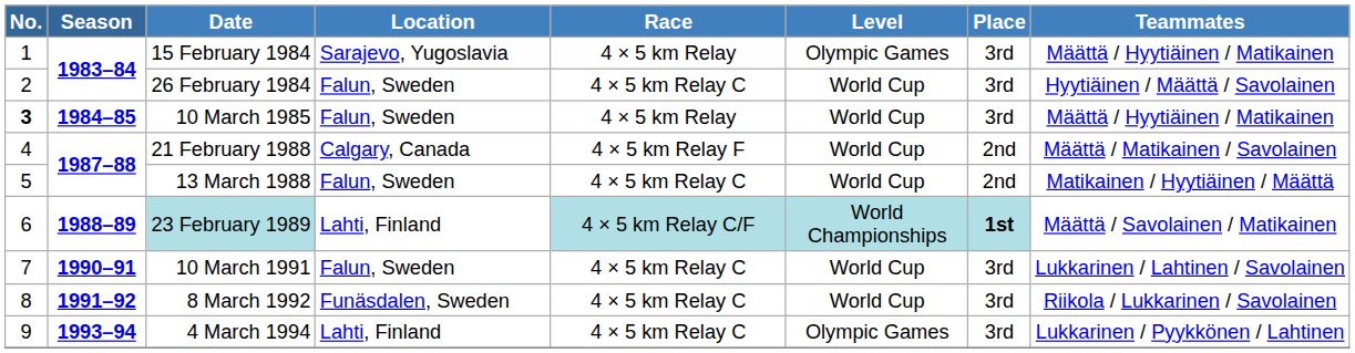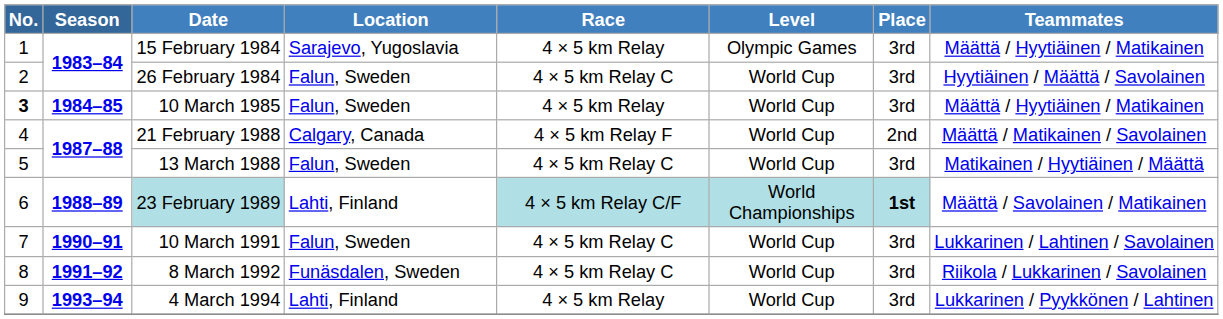 <table class="wikitable sortable" style="font-size:95%; text-align:center; border:grey solid 1px; border-collapse:collapse; background:#ffffff;">
 <tr style="background:#efefef;">
 <th style="background-color:#369; color:white;">No.</th>
 <th style="background-color:#369; color:white;">Season</th>
 <th style="background-color:#4180be; color:white; width:120px;">Date</th>
 <th style="background-color:#4180be; color:white; width:170px;">Location</th>
 <th style="background-color:#4180be; color:white; width:170px;">Race</th>
 <th style="background-color:#4180be; color:white; width:130px;">Level</th>
 <th style="background-color:#4180be; color:white;">Place</th>
 <th style="background-color:#4180be; color:white;">Teammates</th>
 </tr>
 <tr>
 <td align=center>1</td>
 <td rowspan=2 align=center><strong> <a href='#'>1983–84</a> </strong></td>
 <td align=right>15 February 1984</td>
 <td align=left> <a href='#'>Sarajevo</a>, Yugoslavia</td>
 <td>4 × 5 km Relay</td>
 <td>Olympic Games</td>
 <td>3rd</td>
 <td><a href='#'>Määttä</a> / <a href='#'>Hyytiäinen</a> / <a href='#'>Matikainen</a></td>
 </tr>
 <tr>
 <td align=center>2</td>
 <td align=right>26 February 1984</td>
 <td align=left> <a href='#'>Falun</a>, Sweden</td>
 <td>4 × 5 km Relay C</td>
 <td>World Cup</td>
 <td>3rd</td>
 <td><a href='#'>Hyytiäinen</a> / <a href='#'>Määttä</a> / <a href='#'>Savolainen</a></td>
 </tr>
 <tr>
 <td align=center><strong>3</strong></td>
 <td rowspan=1 align=center><strong> <a href='#'>1984–85</a> </strong></td>
 <td align=right>10 March 1985</td>
 <td align=left> <a href='#'>Falun</a>, Sweden</td>
 <td>4 × 5 km Relay</td>
 <td>World Cup</td>
 <td>3rd</td>
 <td><a href='#'>Määttä</a> / <a href='#'>Hyytiäinen</a> / <a href='#'>Matikainen</a></td>
 </tr>
 <tr>
 <td align=center>4</td>
 <td rowspan=2 align=center><strong> <a href='#'>1987–88</a> </strong></td>
 <td align=right>21 February 1988</td>
 <td align=left> <a href='#'>Calgary</a>, Canada</td>
 <td>4 × 5 km Relay F</td>
 <td>World Cup</td>
 <td>2nd</td>
 <td><a href='#'>Määttä</a> / <a href='#'>Matikainen</a> / <a href='#'>Savolainen</a></td>
 </tr>
 <tr>
 <td align=center>5</td>
 <td align=right>13 March 1988</td>
 <td align=left> <a href='#'>Falun</a>, Sweden</td>
 <td>4 × 5 km Relay C</td>
 <td>World Cup</td>
-<td>2nd</td>
+<td>3rd</td>
 <td><a href='#'>Matikainen</a> / <a href='#'>Hyytiäinen</a> / <a href='#'>Määttä</a></td>
 </tr>
 <tr>
 <td align=center>6</td>
 <td rowspan=1 align=center><strong><a href='#'>1988–89</a></strong></td>
 <td bgcolor="#BOEOE6" align=right>23 February 1989</td>
 <td align=left> <a href='#'>Lahti</a>, Finland</td>
 <td bgcolor="#BOEOE6">4 × 5 km Relay C/F</td>
 <td bgcolor="#BOEOE6">World Championships</td>
 <td bgcolor="#BOEOE6"><strong>1st</strong></td>
 <td><a href='#'>Määttä</a> / <a href='#'>Savolainen</a> / <a href='#'>Matikainen</a></td>
 </tr>
 <tr>
 <td align=center>7</td>
 <td rowspan=1 align=center><strong> <a href='#'>1990–91</a> </strong></td>
 <td align=right>10 March 1991</td>
 <td align=left> <a href='#'>Falun</a>, Sweden</td>
 <td>4 × 5 km Relay C</td>
 <td>World Cup</td>
 <td>3rd</td>
 <td><a href='#'>Lukkarinen</a> / <a href='#'>Lahtinen</a> / <a href='#'>Savolainen</a></td>
 </tr>
 <tr>
 <td align=center>8</td>
 <td rowspan=1 align=center><strong> <a href='#'>1991–92</a> </strong></td>
 <td align=right>8 March 1992</td>
 <td align=left> <a href='#'>Funäsdalen</a>, Sweden</td>
 <td>4 × 5 km Relay C</td>
 <td>World Cup</td>
 <td>3rd</td>
 <td><a href='#'>Riikola</a> / <a href='#'>Lukkarinen</a> / <a href='#'>Savolainen</a></td>
 </tr>
 <tr>
 <td align=center>9</td>
 <td rowspan=1 align=center><strong> <a href='#'>1993–94</a> </strong></td>
 <td align=right>4 March 1994</td>
 <td align=left> <a href='#'>Lahti</a>, Finland</td>
-<td>4 × 5 km Relay C</td>
-<td>Olympic Games</td>
+<td>4 × 5 km Relay</td>
+<td>World Cup</td>
 <td>3rd</td>
 <td><a href='#'>Lukkarinen</a> / <a href='#'>Pyykkönen</a> / <a href='#'>Lahtinen</a></td>
 </tr>
 <tr>
 </tr>
 </table>
